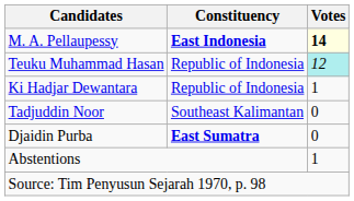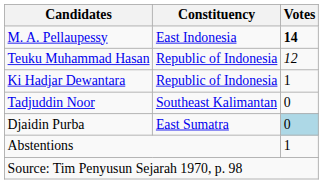 <table class="wikitable">
 <tr>
 <th>Candidates</th>
 <th>Constituency</th>
 <th>Votes</th>
 </tr>
 <tr>
 <td><a href='#'>M. A. Pellaupessy</a></td>
-<td><strong><a href='#'>East Indonesia</a></strong></td>
-<td style="background: lightyellow;"><strong>14</strong></td>
+<td><a href='#'>East Indonesia</a></td>
+<td><strong>14</strong></td>
 </tr>
 <tr>
 <td><a href='#'>Teuku Muhammad Hasan</a></td>
 <td><a href='#'>Republic of Indonesia</a></td>
-<td style="background: paleturquoise;"><em>12</em></td>
+<td><em>12</em></td>
 </tr>
 <tr>
 <td><a href='#'>Ki Hadjar Dewantara</a></td>
 <td><a href='#'>Republic of Indonesia</a></td>
 <td>1</td>
 </tr>
 <tr>
 <td><a href='#'>Tadjuddin Noor</a></td>
 <td><a href='#'>Southeast Kalimantan</a></td>
 <td>0</td>
 </tr>
 <tr>
 <td>Djaidin Purba</td>
-<td><strong><a href='#'>East Sumatra</a></strong></td>
-<td>0</td>
+<td><a href='#'>East Sumatra</a></td>
+<td style="background: lightblue;">0</td>
 </tr>
 <tr>
 <td colspan="2">Abstentions</td>
 <td>1</td>
 </tr>
 <tr>
 <td colspan="6">Source: Tim Penyusun Sejarah 1970, p. 98</td>
 </tr>
 </table>
